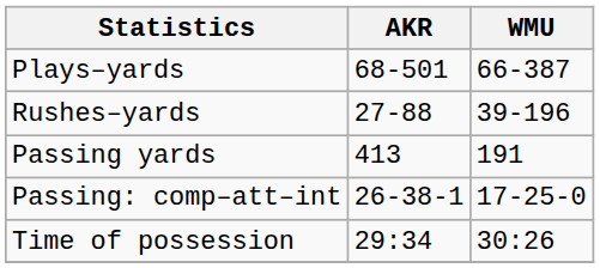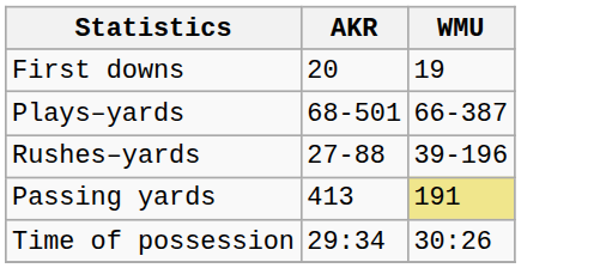 <table class="wikitable" style="float: left;">
 <tr>
 <th>Statistics</th>
 <th>AKR</th>
 <th>WMU</th>
+</tr>
+<tr>
+<td>First downs</td>
+<td>20</td>
+<td>19</td>
 </tr>
 <tr>
 <td>Plays–yards</td>
 <td>68-501</td>
 <td>66-387</td>
 </tr>
 <tr>
 <td>Rushes–yards</td>
 <td>27-88</td>
 <td>39-196</td>
 </tr>
 <tr>
 <td>Passing yards</td>
 <td>413</td>
-<td>191</td>
-</tr>
-<tr>
-<td>Passing: comp–att–int</td>
-<td>26-38-1</td>
-<td>17-25-0</td>
+<td style="background: khaki;">191</td>
 </tr>
 <tr>
 <td>Time of possession</td>
 <td>29:34</td>
 <td>30:26</td>
 </tr>
 <tr>
 </tr>
 </table>
